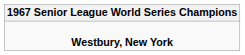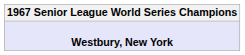 <table class="wikitable" style="text-align: center; margin: 0 auto;">
 <tr>
 <th>1967 Senior League World Series Champions</th>
 </tr>
 <tr>
-<td><br><strong>Westbury, New York</strong></td>
+<td style="background: lavender;"><br><strong>Westbury, New York</strong></td>
 </tr>
 </table>
